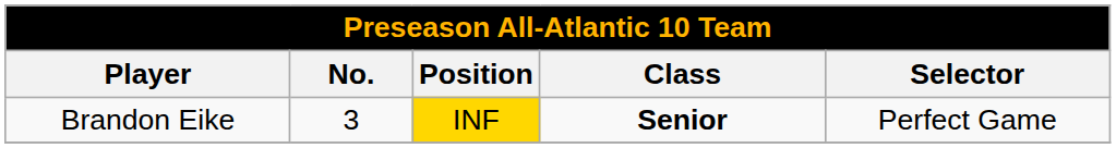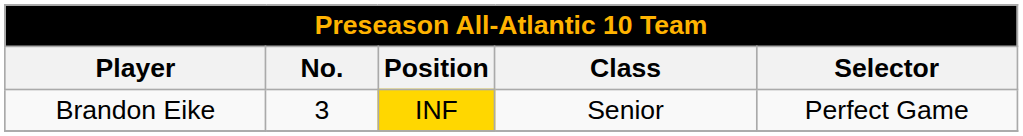 <table class="wikitable" style="text-align:center">
 <tr>
 <td colspan="5" style= "background: #000000; color:#FFB300"><strong>Preseason All-Atlantic 10 Team</strong></td>
 </tr>
 <tr>
 <th style="width:150px; ">Player</th>
 <th style="width:60px; ">No.</th>
 <th style="width:60px; ">Position</th>
 <th style="width:150px; ">Class</th>
 <th style="width:150px; ">Selector</th>
 </tr>
 <tr>
 <td>Brandon Eike</td>
 <td>3</td>
 <td style="background: gold;">INF</td>
-<td><strong>Senior</strong></td>
+<td>Senior</td>
 <td>Perfect Game</td>
 </tr>
 <tr>
 </tr>
 </table>
